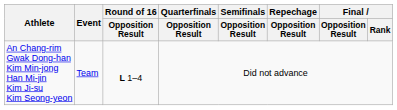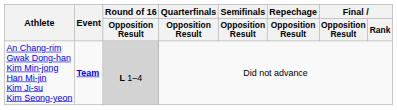 <table class="wikitable" style="font-size:90%; text-align:center">
 <tr>
 <th rowspan="2">Athlete</th>
 <th rowspan="2">Event</th>
 <th>Round of 16</th>
 <th>Quarterfinals</th>
 <th>Semifinals</th>
 <th>Repechage</th>
 <th colspan="2">Final / </th>
 </tr>
 <tr style="font-size:95%">
 <th>Opposition<br>Result</th>
 <th>Opposition<br>Result</th>
 <th>Opposition<br>Result</th>
 <th>Opposition<br>Result</th>
 <th>Opposition<br>Result</th>
 <th>Rank</th>
 </tr>
 <tr>
 <td style="text-align:left"><a href='#'>An Chang-rim</a><br><a href='#'>Gwak Dong-han</a><br><a href='#'>Kim Min-jong</a><br><a href='#'>Han Mi-jin</a><br><a href='#'>Kim Ji-su</a><br><a href='#'>Kim Seong-yeon</a></td>
-<td style="text-align:left"><a href='#'>Team</a></td>
-<td><br><strong>L</strong> 1–4</td>
+<td style="text-align:left"><strong><a href='#'>Team</a></strong></td>
+<td style="background: lightgrey;"><br><strong>L</strong> 1–4</td>
 <td colspan="5">Did not advance</td>
 </tr>
 </table>
